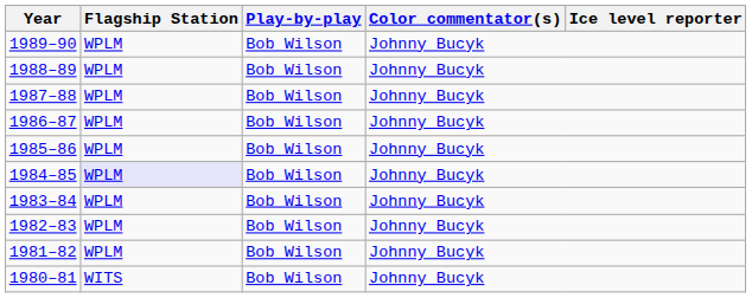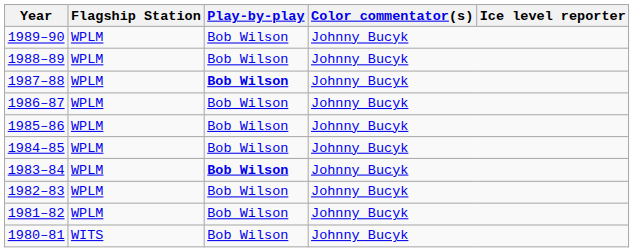 <table class="wikitable">
 <tr>
 <th>Year</th>
 <th>Flagship Station</th>
 <th><a href='#'>Play-by-play</a></th>
 <th><a href='#'>Color commentator</a>(s)</th>
 <th>Ice level reporter</th>
 </tr>
 <tr>
 <td><a href='#'>1989–90</a></td>
 <td><a href='#'>WPLM</a></td>
 <td><a href='#'>Bob Wilson</a></td>
 <td colspan="2"><a href='#'>Johnny Bucyk</a></td>
 </tr>
 <tr>
 <td><a href='#'>1988–89</a></td>
 <td><a href='#'>WPLM</a></td>
 <td><a href='#'>Bob Wilson</a></td>
 <td colspan="2"><a href='#'>Johnny Bucyk</a></td>
 </tr>
 <tr>
 <td><a href='#'>1987–88</a></td>
 <td><a href='#'>WPLM</a></td>
-<td><a href='#'>Bob Wilson</a></td>
+<td><strong><a href='#'>Bob Wilson</a></strong></td>
 <td colspan="2"><a href='#'>Johnny Bucyk</a></td>
 </tr>
 <tr>
 <td><a href='#'>1986–87</a></td>
 <td><a href='#'>WPLM</a></td>
 <td><a href='#'>Bob Wilson</a></td>
 <td colspan="2"><a href='#'>Johnny Bucyk</a></td>
 </tr>
 <tr>
 <td><a href='#'>1985–86</a></td>
 <td><a href='#'>WPLM</a></td>
 <td><a href='#'>Bob Wilson</a></td>
 <td colspan="2"><a href='#'>Johnny Bucyk</a></td>
 </tr>
 <tr>
 <td><a href='#'>1984–85</a></td>
-<td style="background: lavender;"><a href='#'>WPLM</a></td>
+<td><a href='#'>WPLM</a></td>
 <td><a href='#'>Bob Wilson</a></td>
 <td colspan="2"><a href='#'>Johnny Bucyk</a></td>
 </tr>
 <tr>
 <td><a href='#'>1983–84</a></td>
 <td><a href='#'>WPLM</a></td>
-<td><a href='#'>Bob Wilson</a></td>
+<td><strong><a href='#'>Bob Wilson</a></strong></td>
 <td colspan="2"><a href='#'>Johnny Bucyk</a></td>
 </tr>
 <tr>
 <td><a href='#'>1982–83</a></td>
 <td><a href='#'>WPLM</a></td>
 <td><a href='#'>Bob Wilson</a></td>
 <td colspan="2"><a href='#'>Johnny Bucyk</a></td>
 </tr>
 <tr>
 <td><a href='#'>1981–82</a></td>
 <td><a href='#'>WPLM</a></td>
 <td><a href='#'>Bob Wilson</a></td>
 <td colspan="2"><a href='#'>Johnny Bucyk</a></td>
 </tr>
 <tr>
 <td><a href='#'>1980–81</a></td>
 <td><a href='#'>WITS</a></td>
 <td><a href='#'>Bob Wilson</a></td>
 <td colspan="2"><a href='#'>Johnny Bucyk</a></td>
 </tr>
 </table>
